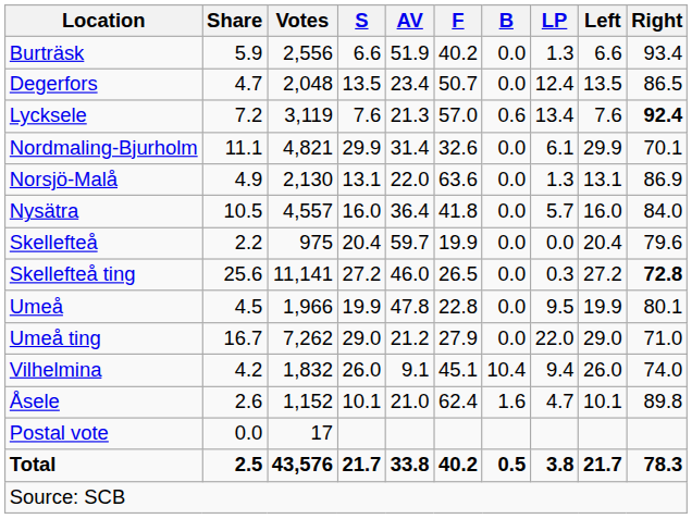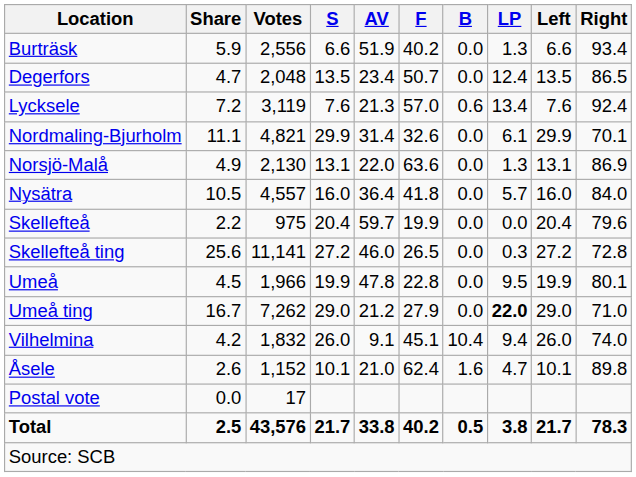 <table class="wikitable sortable" style=text-align:right>
 <tr>
 <th>Location</th>
 <th>Share</th>
 <th>Votes</th>
 <th><a href='#'>S</a></th>
 <th><a href='#'>AV</a></th>
 <th><a href='#'>F</a></th>
 <th><a href='#'>B</a></th>
 <th><a href='#'>LP</a></th>
 <th>Left</th>
 <th>Right</th>
 </tr>
 <tr>
 <td align=left><a href='#'>Burträsk</a></td>
 <td>5.9</td>
 <td>2,556</td>
 <td>6.6</td>
 <td>51.9</td>
 <td>40.2</td>
 <td>0.0</td>
 <td>1.3</td>
 <td>6.6</td>
 <td>93.4</td>
 </tr>
 <tr>
 <td align=left><a href='#'>Degerfors</a></td>
 <td>4.7</td>
 <td>2,048</td>
 <td>13.5</td>
 <td>23.4</td>
 <td>50.7</td>
 <td>0.0</td>
 <td>12.4</td>
 <td>13.5</td>
 <td>86.5</td>
 </tr>
 <tr>
 <td align=left><a href='#'>Lycksele</a></td>
 <td>7.2</td>
 <td>3,119</td>
 <td>7.6</td>
 <td>21.3</td>
 <td>57.0</td>
 <td>0.6</td>
 <td>13.4</td>
 <td>7.6</td>
-<td><strong>92.4</strong></td>
+<td>92.4</td>
 </tr>
 <tr>
 <td align=left><a href='#'>Nordmaling-Bjurholm</a></td>
 <td>11.1</td>
 <td>4,821</td>
 <td>29.9</td>
 <td>31.4</td>
 <td>32.6</td>
 <td>0.0</td>
 <td>6.1</td>
 <td>29.9</td>
 <td>70.1</td>
 </tr>
 <tr>
 <td align=left><a href='#'>Norsjö-Malå</a></td>
 <td>4.9</td>
 <td>2,130</td>
 <td>13.1</td>
 <td>22.0</td>
 <td>63.6</td>
 <td>0.0</td>
 <td>1.3</td>
 <td>13.1</td>
 <td>86.9</td>
 </tr>
 <tr>
 <td align=left><a href='#'>Nysätra</a></td>
 <td>10.5</td>
 <td>4,557</td>
 <td>16.0</td>
 <td>36.4</td>
 <td>41.8</td>
 <td>0.0</td>
 <td>5.7</td>
 <td>16.0</td>
 <td>84.0</td>
 </tr>
 <tr>
 <td align=left><a href='#'>Skellefteå</a></td>
 <td>2.2</td>
 <td>975</td>
 <td>20.4</td>
 <td>59.7</td>
 <td>19.9</td>
 <td>0.0</td>
 <td>0.0</td>
 <td>20.4</td>
 <td>79.6</td>
 </tr>
 <tr>
 <td align=left><a href='#'>Skellefteå ting</a></td>
 <td>25.6</td>
 <td>11,141</td>
 <td>27.2</td>
 <td>46.0</td>
 <td>26.5</td>
 <td>0.0</td>
 <td>0.3</td>
 <td>27.2</td>
-<td><strong>72.8</strong></td>
+<td>72.8</td>
 </tr>
 <tr>
 <td align=left><a href='#'>Umeå</a></td>
 <td>4.5</td>
 <td>1,966</td>
 <td>19.9</td>
 <td>47.8</td>
 <td>22.8</td>
 <td>0.0</td>
 <td>9.5</td>
 <td>19.9</td>
 <td>80.1</td>
 </tr>
 <tr>
 <td align=left><a href='#'>Umeå ting</a></td>
 <td>16.7</td>
 <td>7,262</td>
 <td>29.0</td>
 <td>21.2</td>
 <td>27.9</td>
 <td>0.0</td>
-<td>22.0</td>
+<td><strong>22.0</strong></td>
 <td>29.0</td>
 <td>71.0</td>
 </tr>
 <tr>
 <td align=left><a href='#'>Vilhelmina</a></td>
 <td>4.2</td>
 <td>1,832</td>
 <td>26.0</td>
 <td>9.1</td>
 <td>45.1</td>
 <td>10.4</td>
 <td>9.4</td>
 <td>26.0</td>
 <td>74.0</td>
 </tr>
 <tr>
 <td align=left><a href='#'>Åsele</a></td>
 <td>2.6</td>
 <td>1,152</td>
 <td>10.1</td>
 <td>21.0</td>
 <td>62.4</td>
 <td>1.6</td>
 <td>4.7</td>
 <td>10.1</td>
 <td>89.8</td>
 </tr>
 <tr>
 <td align=left><a href='#'>Postal vote</a></td>
 <td>0.0</td>
 <td>17</td>
 <td></td>
 <td></td>
 <td></td>
 <td></td>
 <td></td>
 <td></td>
 <td></td>
 </tr>
 <tr>
 <td align=left><strong>Total</strong></td>
 <td><strong>2.5</strong></td>
 <td><strong>43,576</strong></td>
 <td><strong>21.7</strong></td>
 <td><strong>33.8</strong></td>
 <td><strong>40.2</strong></td>
 <td><strong>0.5</strong></td>
 <td><strong>3.8</strong></td>
 <td><strong>21.7</strong></td>
 <td><strong>78.3</strong></td>
 </tr>
 <tr>
 <td align=left colspan=10>Source: SCB </td>
 </tr>
 </table>
